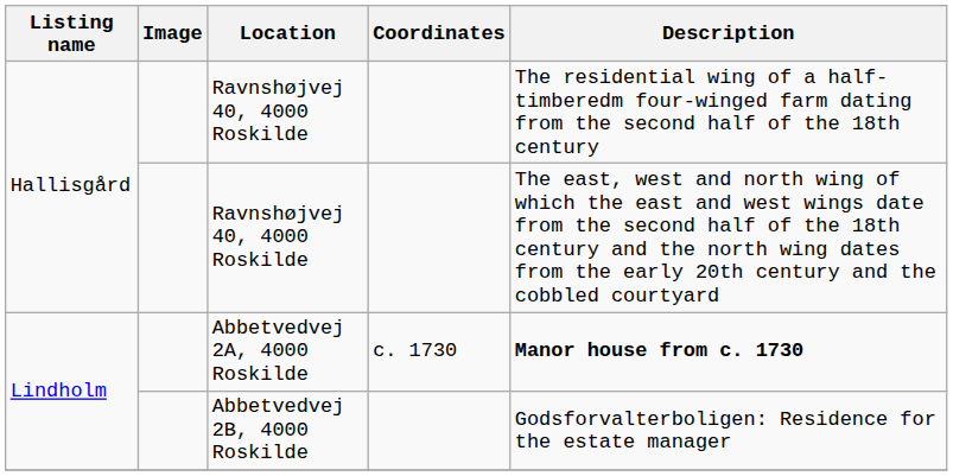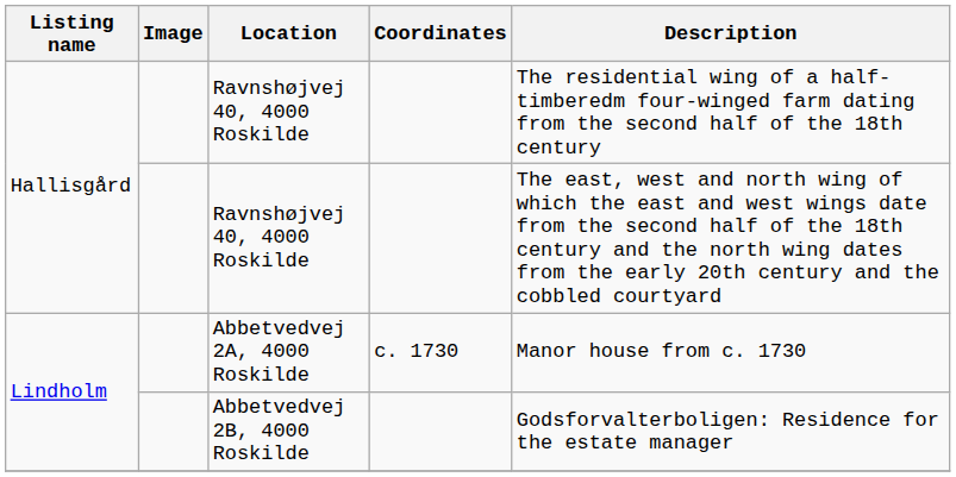 <table class="wikitable sortable">
 <tr>
 <th>Listing name</th>
 <th>Image</th>
 <th>Location</th>
 <th>Coordinates</th>
 <th>Description</th>
 </tr>
 <tr>
 <td rowspan="2">Hallisgård</td>
 <td></td>
 <td>Ravnshøjvej 40, 4000 Roskilde</td>
 <td></td>
 <td>The residential wing of a half-timberedm four-winged farm dating from the second half of the 18th century</td>
 </tr>
 <tr>
 <td></td>
 <td>Ravnshøjvej 40, 4000 Roskilde</td>
 <td></td>
 <td>The east, west and north wing of which the east and west wings date from the second half of the 18th century and the north wing dates from the early 20th century and the cobbled courtyard</td>
 </tr>
 <tr>
 <td rowspan="2"><a href='#'>Lindholm</a></td>
 <td></td>
 <td>Abbetvedvej 2A, 4000 Roskilde</td>
 <td>c. 1730</td>
-<td><strong>Manor house from c. 1730</strong></td>
+<td>Manor house from c. 1730</td>
 </tr>
 <tr>
 <td></td>
 <td>Abbetvedvej 2B, 4000 Roskilde</td>
 <td></td>
 <td>Godsforvalterboligen: Residence for the estate manager</td>
 </tr>
 <tr>
 </tr>
 </table>
